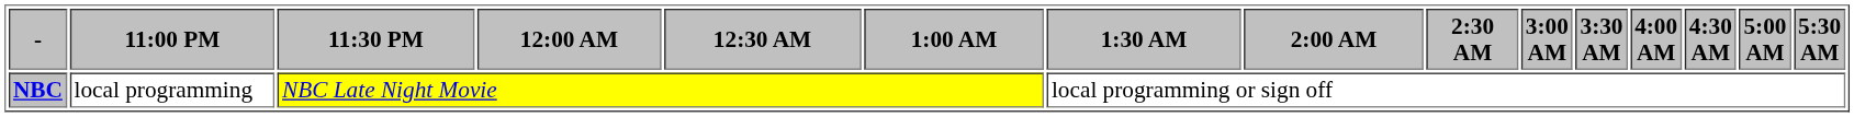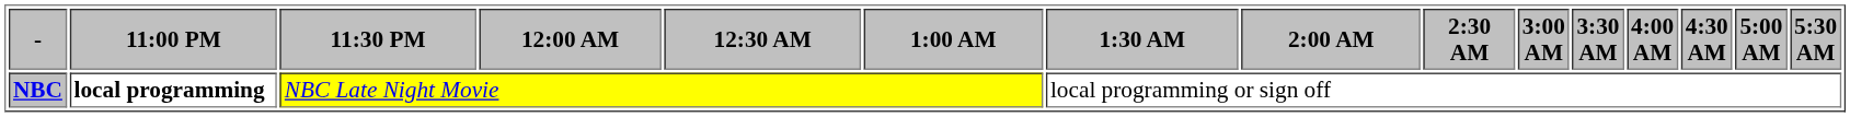 <table border="1" cellpadding="2">
 <tr>
 <th bgcolor="#C0C0C0">-</th>
 <th width="13%" bgcolor="#C0C0C0">11:00 PM</th>
 <th width="14%" bgcolor="#C0C0C0">11:30 PM</th>
 <th width="13%" bgcolor="#C0C0C0">12:00 AM</th>
 <th width="14%" bgcolor="#C0C0C0">12:30 AM</th>
 <th width="13%" bgcolor="#C0C0C0">1:00 AM</th>
 <th width="14%" bgcolor="#C0C0C0">1:30 AM</th>
 <th width="13%" bgcolor="#C0C0C0">2:00 AM</th>
 <th width="14%" bgcolor="#C0C0C0">2:30 AM</th>
 <th width="13%" bgcolor="#C0C0C0">3:00 AM</th>
 <th width="14%" bgcolor="#C0C0C0">3:30 AM</th>
 <th width="13%" bgcolor="#C0C0C0">4:00 AM</th>
 <th width="14%" bgcolor="#C0C0C0">4:30 AM</th>
 <th width="13%" bgcolor="#C0C0C0">5:00 AM</th>
 <th width="14%" bgcolor="#C0C0C0">5:30 AM</th>
 </tr>
 <tr>
 <th bgcolor="#C0C0C0"><a href='#'>NBC</a></th>
-<td bgcolor="white">local programming</td>
+<td bgcolor="white"><strong>local programming</strong></td>
 <td bgcolor="yellow" colspan="4"><a href='#'><em>NBC Late Night Movie</em></a></td>
 <td bgcolor="white" colspan="10">local programming or sign off</td>
 </tr>
 </table>
